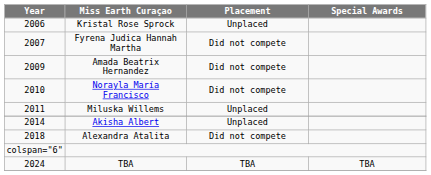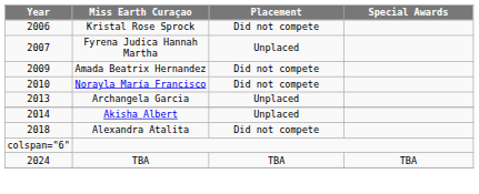 <table class="wikitable sortable" style="font-size: 95%; text-align:center">
 <tr>
 <th width="60" style="background-color:#787878;color:#FFFFFF;">Year</th>
 <th width="250" style="background-color:#787878;color:#FFFFFF;">Miss Earth Curaçao</th>
 <th width="250" style="background-color:#787878;color:#FFFFFF;">Placement</th>
 <th width="250" style="background-color:#787878;color:#FFFFFF;">Special Awards</th>
 </tr>
 <tr>
 <td>2006</td>
 <td>Kristal Rose Sprock</td>
-<td>Unplaced</td>
+<td>Did not compete</td>
 <td></td>
 </tr>
 <tr>
 <td>2007</td>
 <td>Fyrena Judica Hannah Martha</td>
-<td>Did not compete</td>
+<td>Unplaced</td>
 <td></td>
 </tr>
 <tr>
 <td>2009</td>
 <td>Amada Beatrix Hernandez</td>
 <td>Did not compete</td>
 <td></td>
 </tr>
 <tr>
 <td>2010</td>
 <td><a href='#'>Norayla María Francisco</a></td>
 <td>Did not compete</td>
 <td></td>
 </tr>
 <tr>
-<td>2011</td>
-<td>Miluska Willems</td>
+<td>2013</td>
+<td>Archangela Garcia</td>
 <td>Unplaced</td>
 <td></td>
 </tr>
 <tr>
 </tr>
 <tr>
 <td>2014</td>
 <td><a href='#'>Akisha Albert</a></td>
 <td>Unplaced</td>
 <td></td>
 </tr>
 <tr>
 <td>2018</td>
 <td>Alexandra Atalita</td>
 <td>Did not compete</td>
 <td></td>
 </tr>
 <tr>
 <td>colspan="6" </td>
 </tr>
 <tr>
 <td>2024</td>
 <td>TBA</td>
 <td>TBA</td>
 <td>TBA</td>
 </tr>
 <tr>
 </tr>
 </table>
